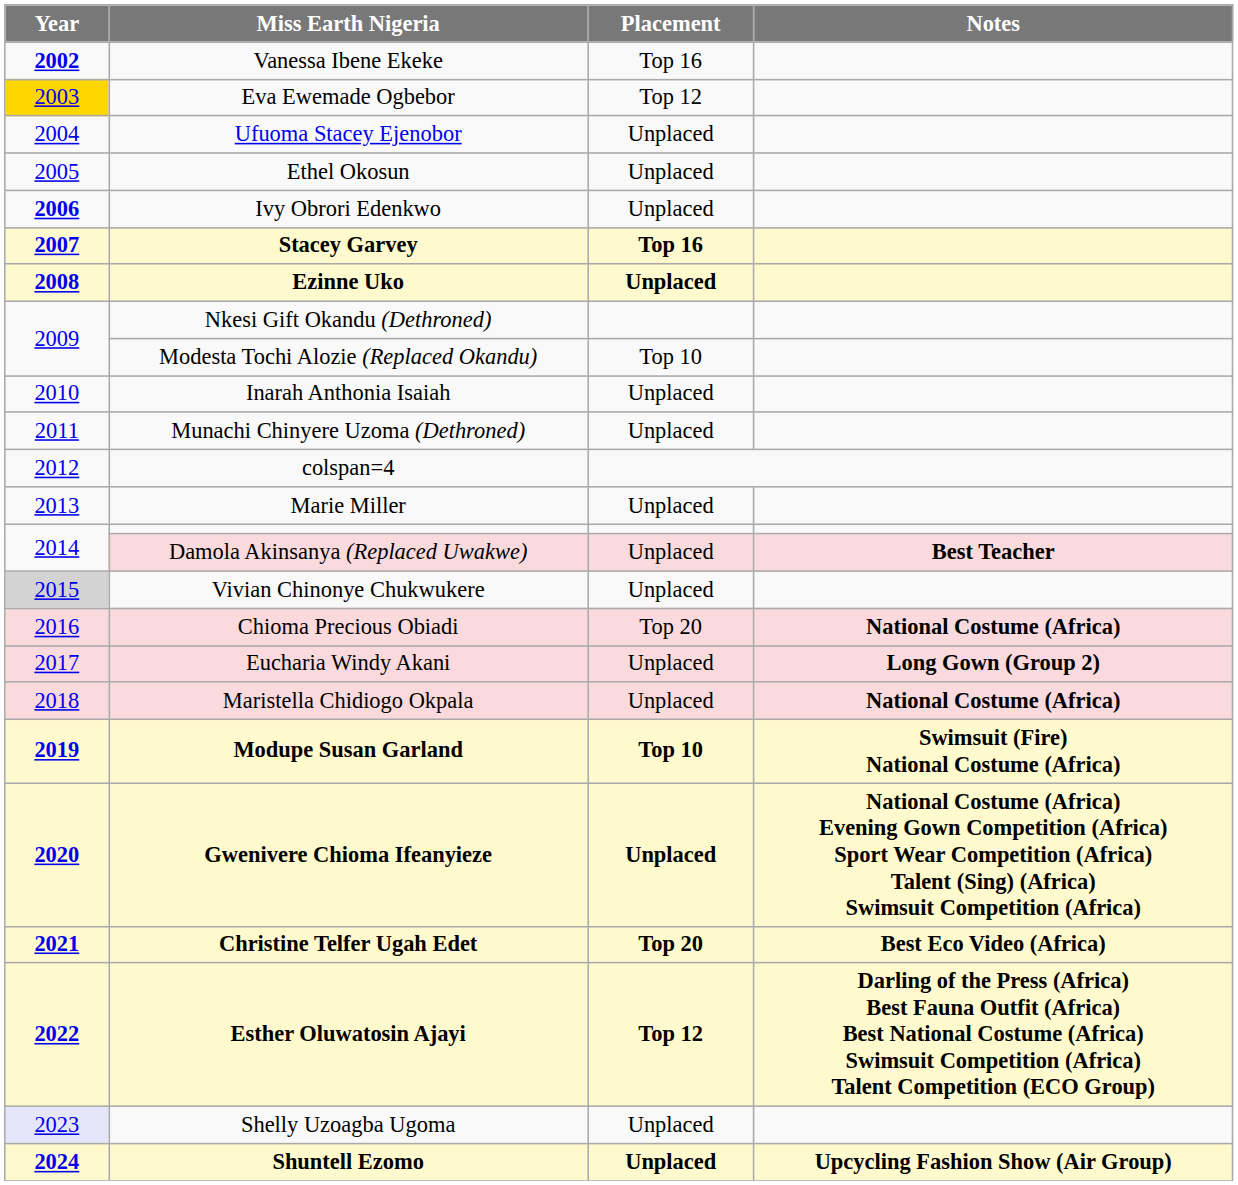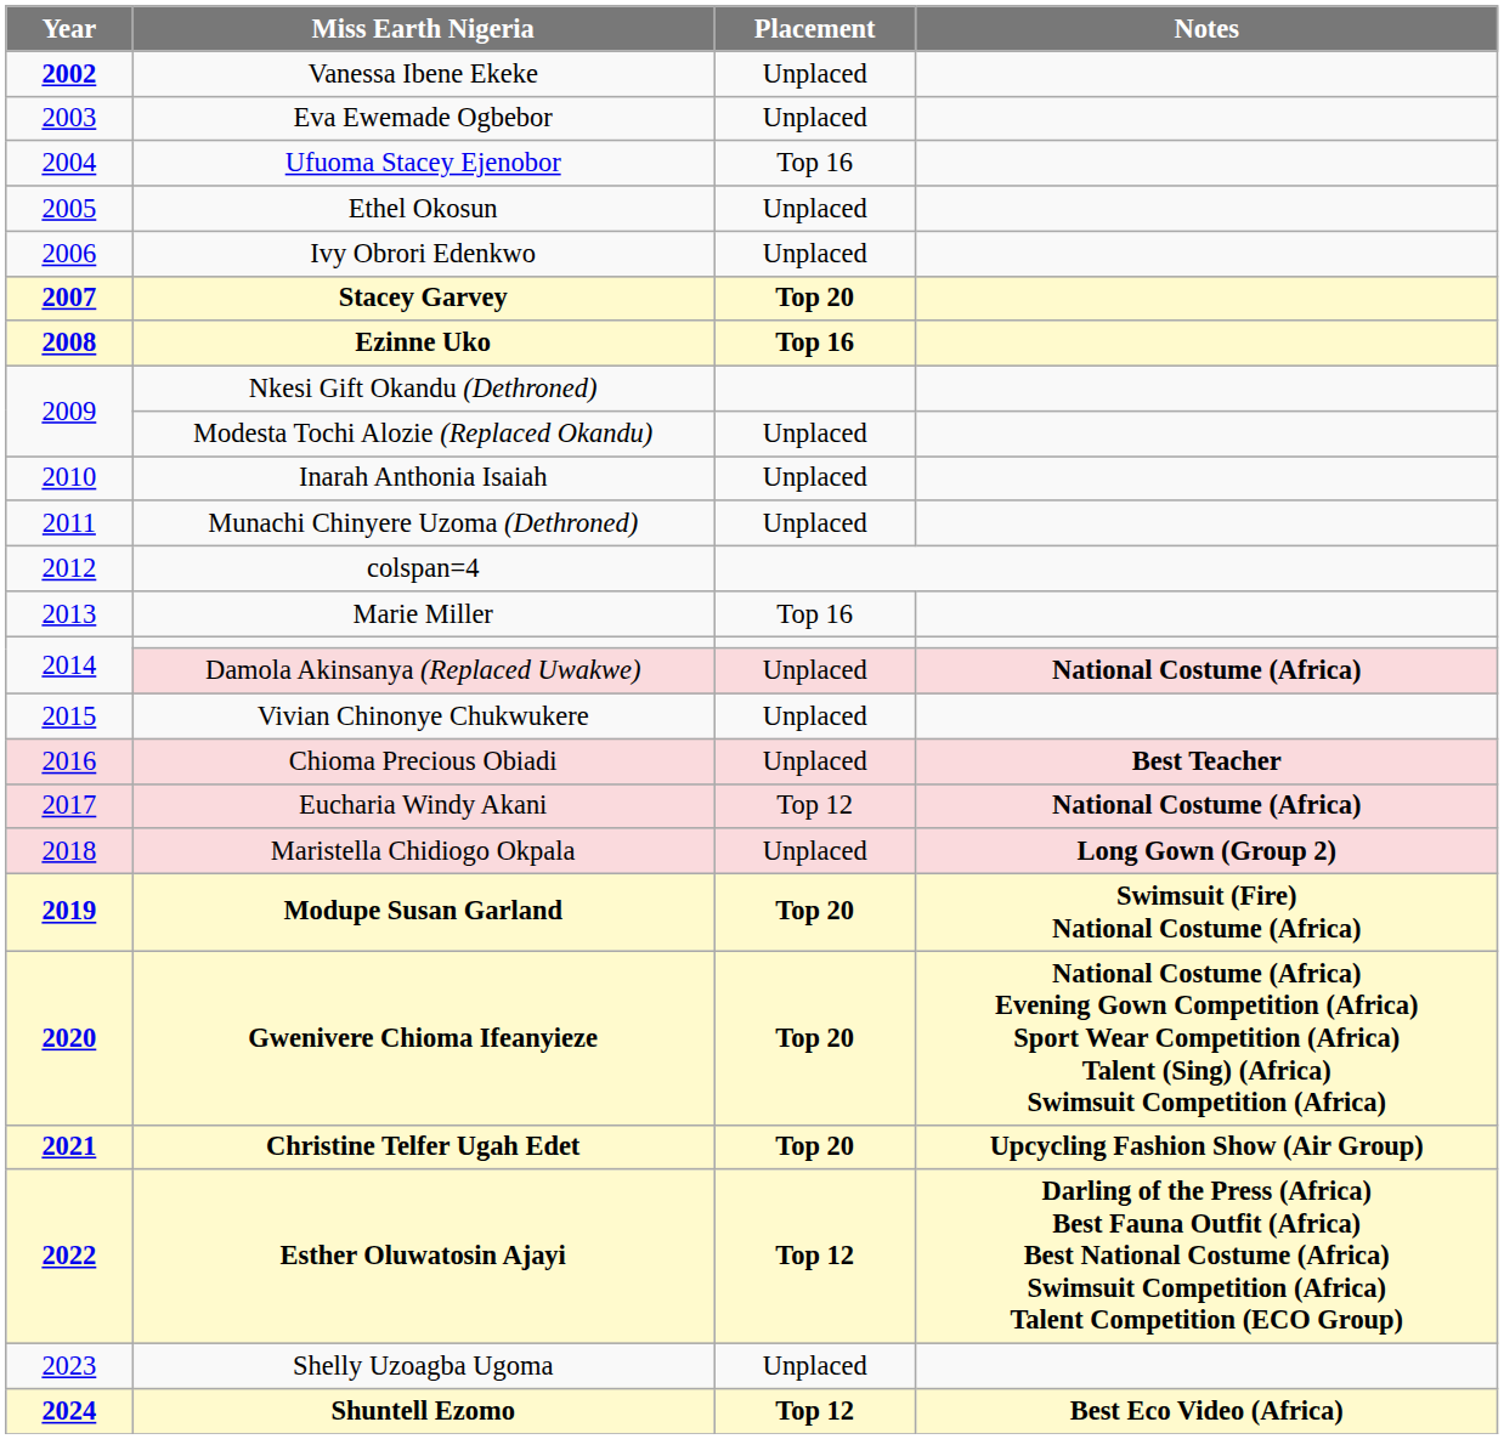 <table class="wikitable sortable" style="font-size: 90%; text-align:center">
 <tr>
 <th width="60" style="background-color:#787878;color:#FFFFFF;">Year</th>
 <th width="300" style="background-color:#787878;color:#FFFFFF;">Miss Earth Nigeria</th>
 <th width="100" style="background-color:#787878;color:#FFFFFF;">Placement</th>
 <th width="300" style="background-color:#787878;color:#FFFFFF;">Notes</th>
 </tr>
 <tr>
 <td><strong><a href='#'>2002</a></strong></td>
 <td>Vanessa Ibene Ekeke</td>
-<td>Top 16</td>
+<td>Unplaced</td>
 <td></td>
 </tr>
 <tr>
-<td style="background: gold;"><a href='#'>2003</a></td>
+<td><a href='#'>2003</a></td>
 <td>Eva Ewemade Ogbebor</td>
-<td>Top 12</td>
+<td>Unplaced</td>
 <td></td>
 </tr>
 <tr>
 <td><a href='#'>2004</a></td>
 <td><a href='#'>Ufuoma Stacey Ejenobor</a></td>
-<td>Unplaced</td>
+<td>Top 16</td>
 <td></td>
 </tr>
 <tr>
 <td><a href='#'>2005</a></td>
 <td>Ethel Okosun </td>
 <td>Unplaced</td>
 <td></td>
 </tr>
 <tr>
-<td><strong><a href='#'>2006</a></strong></td>
+<td><a href='#'>2006</a></td>
 <td>Ivy Obrori Edenkwo</td>
 <td>Unplaced</td>
 <td></td>
 </tr>
 <tr style="background-color:#FFFACD; font-weight: bold">
 <td><a href='#'>2007</a></td>
 <td>Stacey Garvey</td>
-<td>Top 16</td>
+<td>Top 20</td>
 <td></td>
 </tr>
 <tr style="background-color:#FFFACD; font-weight: bold">
 <td><a href='#'>2008</a></td>
 <td>Ezinne Uko </td>
-<td>Unplaced</td>
+<td>Top 16</td>
 <td></td>
 </tr>
 <tr>
 <td rowspan="2"><a href='#'>2009</a></td>
 <td>Nkesi Gift Okandu <em>(Dethroned)</em></td>
 <td></td>
 <td></td>
 </tr>
 <tr>
 <td>Modesta Tochi Alozie <em>(Replaced Okandu)</em></td>
-<td>Top 10</td>
+<td>Unplaced</td>
 <td></td>
 </tr>
 <tr>
 <td><a href='#'>2010</a></td>
 <td>Inarah Anthonia Isaiah</td>
 <td>Unplaced</td>
 <td></td>
 </tr>
 <tr>
 <td><a href='#'>2011</a></td>
 <td>Munachi Chinyere Uzoma <em>(Dethroned)</em></td>
 <td>Unplaced</td>
 <td></td>
 </tr>
 <tr>
 <td><a href='#'>2012</a></td>
 <td>colspan=4 </td>
 </tr>
 <tr>
 <td><a href='#'>2013</a></td>
 <td>Marie Miller</td>
-<td>Unplaced</td>
+<td>Top 16</td>
 <td></td>
 </tr>
 <tr>
 <td rowspan="2"><a href='#'>2014</a></td>
 <td></td>
 <td></td>
 <td></td>
 </tr>
 <tr style="background-color:#FADADD">
 <td>Damola Akinsanya <em>(Replaced Uwakwe)</em></td>
 <td>Unplaced</td>
-<td><strong> Best Teacher</strong></td>
+<td><strong> National Costume (Africa)</strong></td>
 </tr>
 <tr>
-<td style="background: lightgrey;"><a href='#'>2015</a></td>
+<td><a href='#'>2015</a></td>
 <td>Vivian Chinonye Chukwukere</td>
 <td>Unplaced</td>
 <td></td>
 </tr>
 <tr style="background-color:#FADADD">
 <td><a href='#'>2016</a></td>
 <td>Chioma Precious Obiadi</td>
-<td>Top 20</td>
-<td><strong> National Costume (Africa)</strong></td>
+<td>Unplaced</td>
+<td><strong> Best Teacher</strong></td>
 </tr>
 <tr style="background-color:#FADADD">
 <td><a href='#'>2017</a></td>
 <td>Eucharia Windy Akani</td>
-<td>Unplaced</td>
-<td><strong> Long Gown (Group 2)</strong></td>
+<td>Top 12</td>
+<td><strong> National Costume (Africa)</strong></td>
 </tr>
 <tr style="background-color:#FADADD">
 <td><a href='#'>2018</a></td>
 <td>Maristella Chidiogo Okpala</td>
 <td>Unplaced</td>
-<td><strong> National Costume (Africa)</strong></td>
+<td><strong> Long Gown (Group 2)</strong></td>
 </tr>
 <tr style="background-color:#FFFACD; font-weight: bold">
 <td><a href='#'>2019</a></td>
 <td>Modupe Susan Garland</td>
-<td>Top 10</td>
+<td>Top 20</td>
 <td> Swimsuit (Fire) <br>  National Costume (Africa)</td>
 </tr>
 <tr style="background-color:#FFFACD; font-weight: bold">
 <td><a href='#'>2020</a></td>
 <td>Gwenivere Chioma Ifeanyieze</td>
-<td>Unplaced</td>
+<td>Top 20</td>
 <td> National Costume (Africa) <br>  Evening Gown Competition (Africa) <br>  Sport Wear Competition (Africa) <br>  Talent (Sing) (Africa) <br>  Swimsuit Competition (Africa)</td>
 </tr>
 <tr style="background-color:#FFFACD; font-weight: bold">
 <td><a href='#'>2021</a></td>
 <td>Christine Telfer Ugah Edet</td>
 <td>Top 20</td>
-<td>Best Eco Video (Africa)</td>
+<td> Upcycling Fashion Show (Air Group)</td>
 </tr>
 <tr style="background-color:#FFFACD; font-weight: bold">
 <td><a href='#'>2022</a></td>
 <td>Esther Oluwatosin Ajayi</td>
 <td>Top 12</td>
 <td>Darling of the Press (Africa) <br> Best Fauna Outfit (Africa) <br> Best National Costume (Africa) <br>  Swimsuit Competition (Africa) <br>  Talent Competition (ECO Group)</td>
 </tr>
 <tr>
-<td style="background: lavender;"><a href='#'>2023</a></td>
+<td><a href='#'>2023</a></td>
 <td>Shelly Uzoagba Ugoma</td>
 <td>Unplaced</td>
 <td></td>
 </tr>
 <tr style="background-color:#FFFACD; font-weight: bold">
 <td><a href='#'>2024</a></td>
 <td>Shuntell Ezomo</td>
-<td>Unplaced</td>
-<td> Upcycling Fashion Show (Air Group)</td>
+<td>Top 12</td>
+<td>Best Eco Video (Africa)</td>
 </tr>
 </table>
